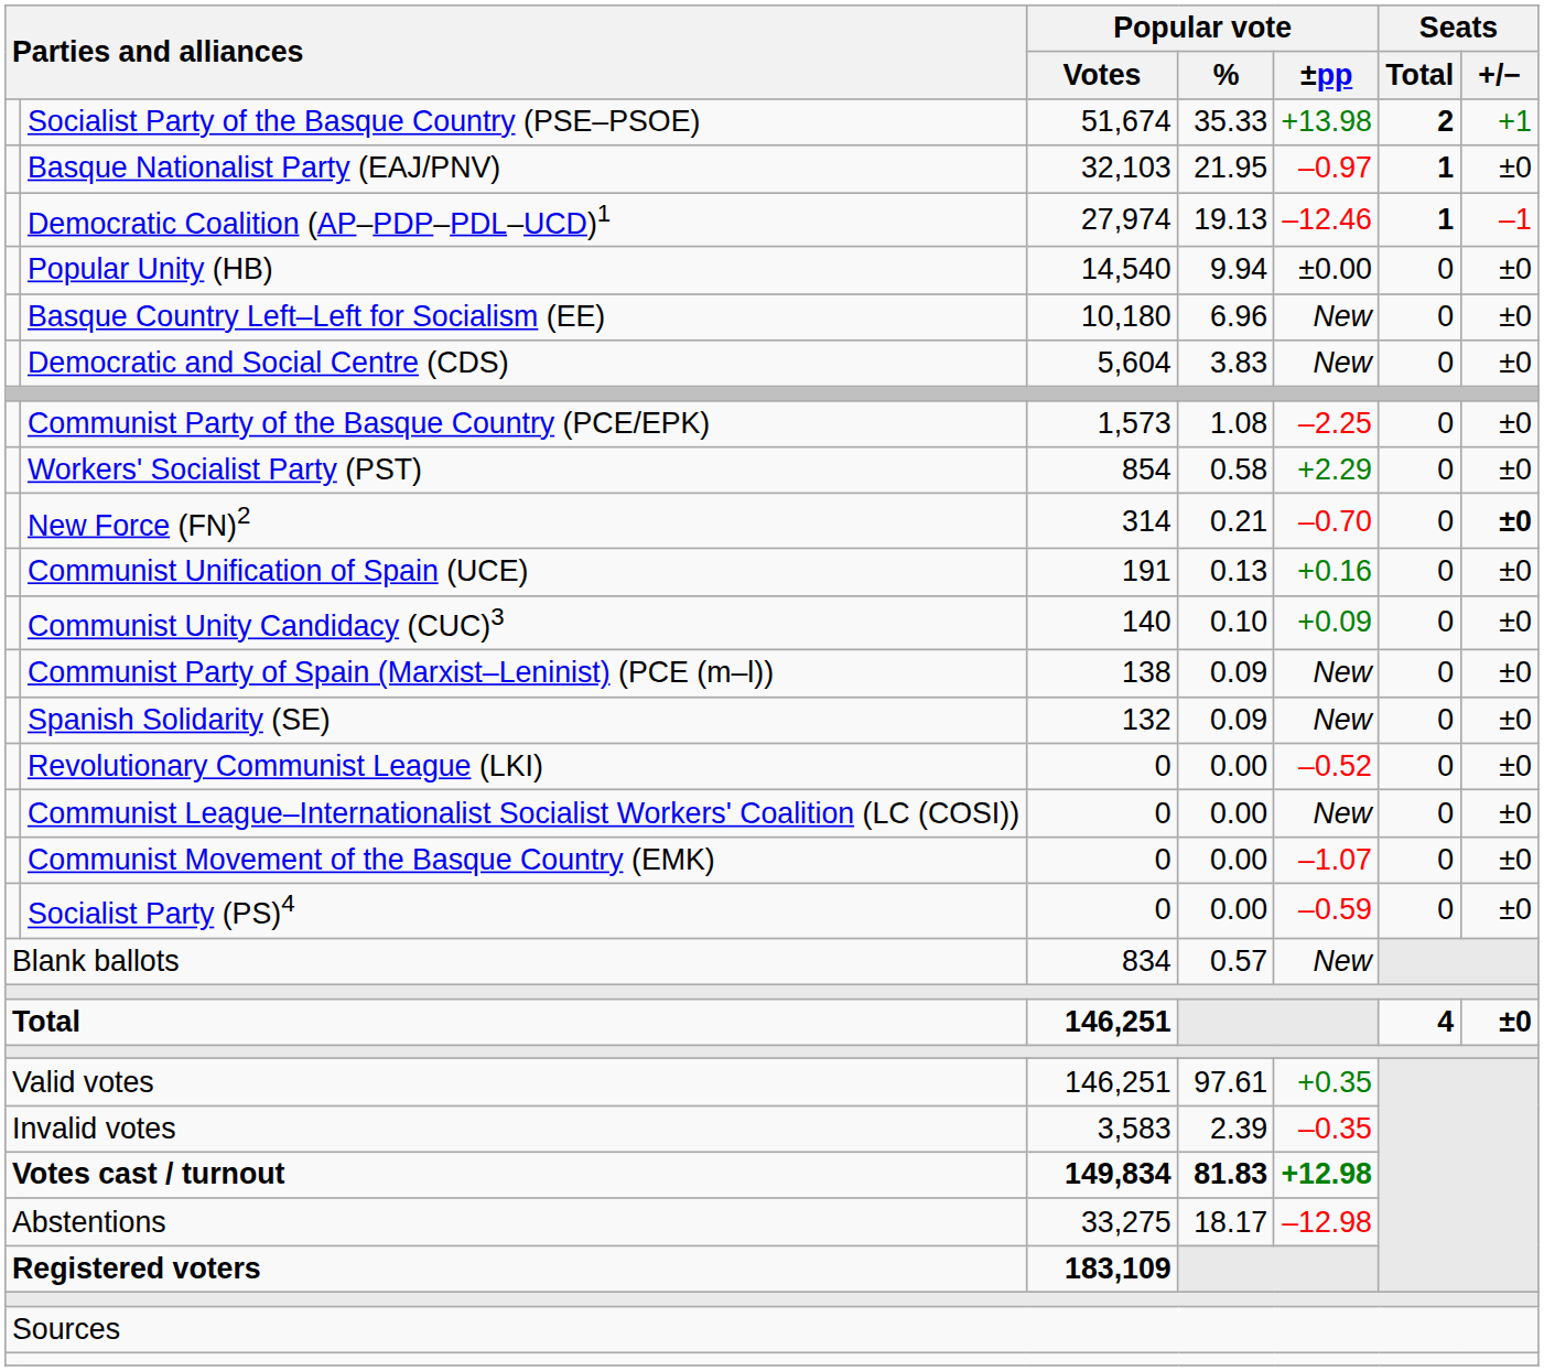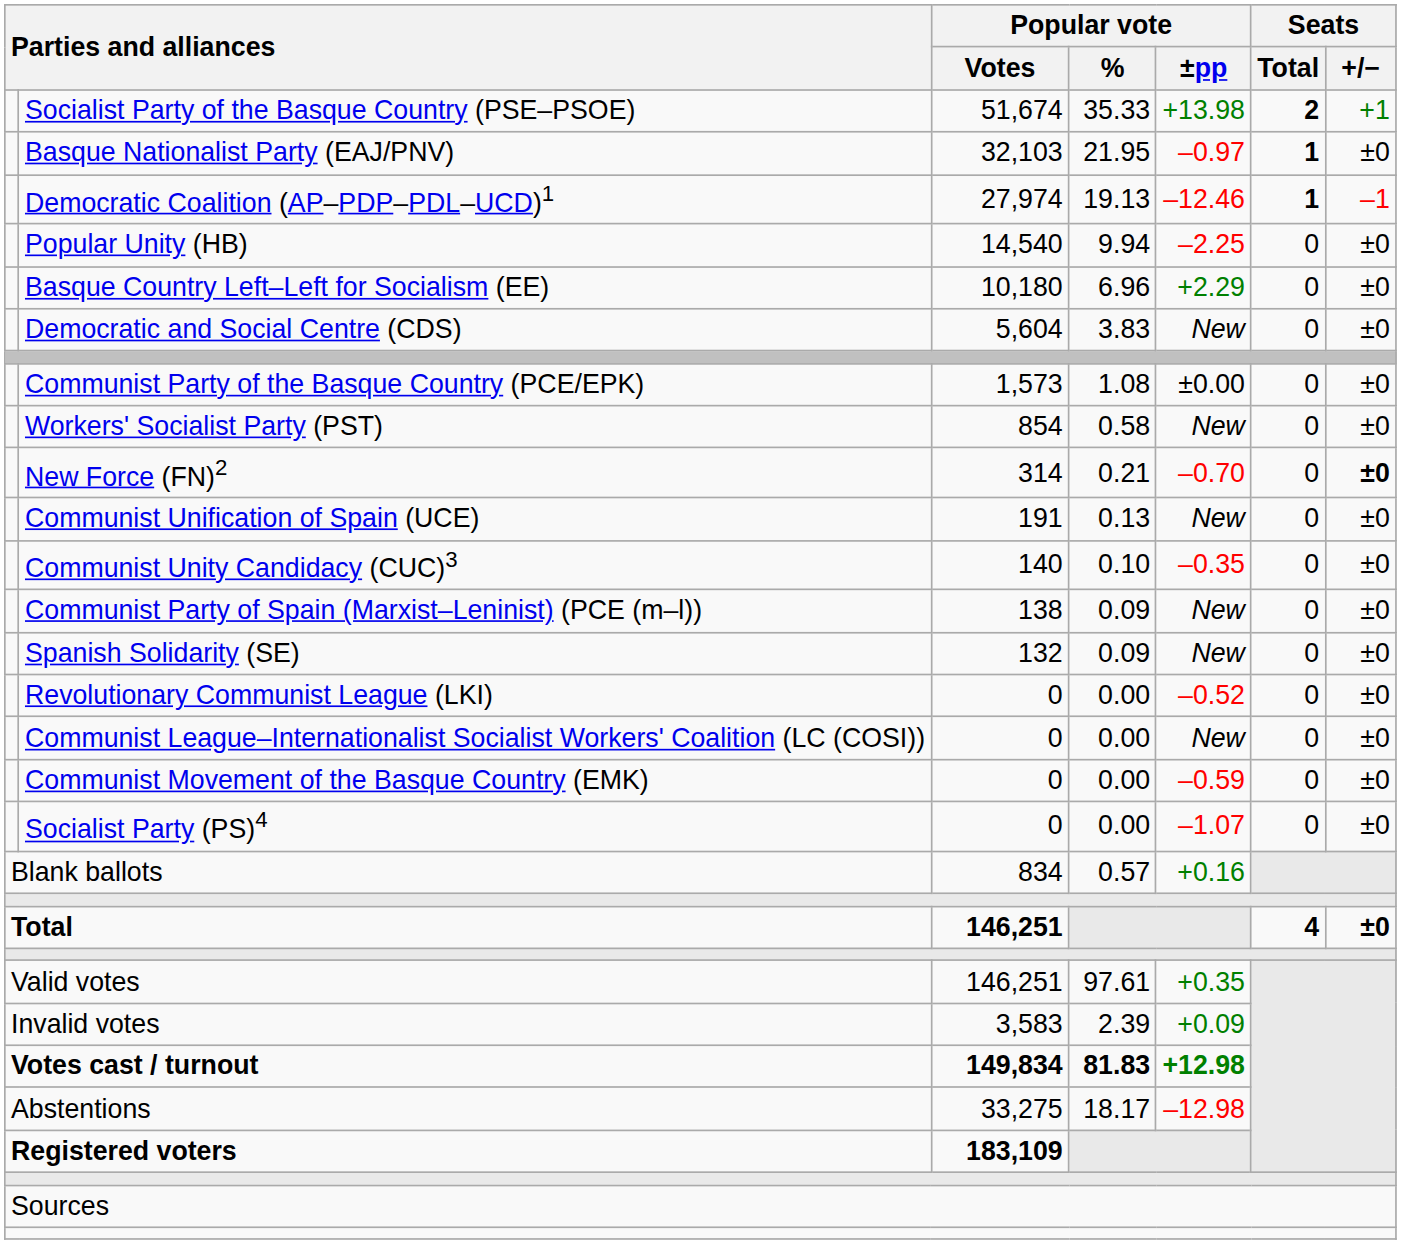 <table class="wikitable" style="text-align:right;">
 <tr>
 <th style="text-align:left;" rowspan="2" colspan="2" width="525">Parties and alliances</th>
 <th colspan="3">Popular vote</th>
 <th colspan="2">Seats</th>
 </tr>
 <tr>
 <th width="75">Votes</th>
 <th width="45">%</th>
 <th width="45">±<a href='#'>pp</a></th>
 <th width="35">Total</th>
 <th width="35">+/−</th>
 </tr>
 <tr>
 <td width="1" style="color:inherit;background:"></td>
 <td align="left"><a href='#'>Socialist Party of the Basque Country</a> (PSE–PSOE)</td>
 <td>51,674</td>
 <td>35.33</td>
 <td style="color:green;">+13.98</td>
 <td><strong>2</strong></td>
 <td style="color:green;">+1</td>
 </tr>
 <tr>
 <td style="color:inherit;background:"></td>
 <td align="left"><a href='#'>Basque Nationalist Party</a> (EAJ/PNV)</td>
 <td>32,103</td>
 <td>21.95</td>
 <td style="color:red;">–0.97</td>
 <td><strong>1</strong></td>
 <td>±0</td>
 </tr>
 <tr>
 <td style="color:inherit;background:"></td>
 <td align="left"><a href='#'>Democratic Coalition</a> (<a href='#'>AP</a>–<a href='#'>PDP</a>–<a href='#'>PDL</a>–<a href='#'>UCD</a>)<sup>1</sup></td>
 <td>27,974</td>
 <td>19.13</td>
 <td style="color:red;">–12.46</td>
 <td><strong>1</strong></td>
 <td style="color:red;">–1</td>
 </tr>
 <tr>
 <td style="color:inherit;background:"></td>
 <td align="left"><a href='#'>Popular Unity</a> (HB)</td>
 <td>14,540</td>
 <td>9.94</td>
-<td>±0.00</td>
+<td style="color:red;">–2.25</td>
 <td>0</td>
 <td>±0</td>
 </tr>
 <tr>
 <td style="color:inherit;background:"></td>
 <td align="left"><a href='#'>Basque Country Left–Left for Socialism</a> (EE)</td>
 <td>10,180</td>
 <td>6.96</td>
-<td><em>New</em></td>
+<td style="color:green;">+2.29</td>
 <td>0</td>
 <td>±0</td>
 </tr>
 <tr>
 <td style="color:inherit;background:"></td>
 <td align="left"><a href='#'>Democratic and Social Centre</a> (CDS)</td>
 <td>5,604</td>
 <td>3.83</td>
 <td><em>New</em></td>
 <td>0</td>
 <td>±0</td>
 </tr>
 <tr>
 <td colspan="7" bgcolor="#C0C0C0"></td>
 </tr>
 <tr>
 <td style="color:inherit;background:"></td>
 <td align="left"><a href='#'>Communist Party of the Basque Country</a> (PCE/EPK)</td>
 <td>1,573</td>
 <td>1.08</td>
-<td style="color:red;">–2.25</td>
+<td>±0.00</td>
 <td>0</td>
 <td>±0</td>
 </tr>
 <tr>
 <td style="color:inherit;background:"></td>
 <td align="left"><a href='#'>Workers' Socialist Party</a> (PST)</td>
 <td>854</td>
 <td>0.58</td>
-<td style="color:green;">+2.29</td>
+<td><em>New</em></td>
 <td>0</td>
 <td>±0</td>
 </tr>
 <tr>
 <td style="color:inherit;background:"></td>
 <td align="left"><a href='#'>New Force</a> (FN)<sup>2</sup></td>
 <td>314</td>
 <td>0.21</td>
 <td style="color:red;">–0.70</td>
 <td>0</td>
 <td><strong>±0</strong></td>
 </tr>
 <tr>
 <td style="color:inherit;background:"></td>
 <td align="left"><a href='#'>Communist Unification of Spain</a> (UCE)</td>
 <td>191</td>
 <td>0.13</td>
-<td style="color:green;">+0.16</td>
+<td><em>New</em></td>
 <td>0</td>
 <td>±0</td>
 </tr>
 <tr>
 <td style="color:inherit;background:"></td>
 <td align="left"><a href='#'>Communist Unity Candidacy</a> (CUC)<sup>3</sup></td>
 <td>140</td>
 <td>0.10</td>
-<td style="color:green;">+0.09</td>
+<td style="color:red;">–0.35</td>
 <td>0</td>
 <td>±0</td>
 </tr>
 <tr>
 <td style="color:inherit;background:"></td>
 <td align="left"><a href='#'>Communist Party of Spain (Marxist–Leninist)</a> (PCE (m–l))</td>
 <td>138</td>
 <td>0.09</td>
 <td><em>New</em></td>
 <td>0</td>
 <td>±0</td>
 </tr>
 <tr>
 <td style="color:inherit;background:"></td>
 <td align="left"><a href='#'>Spanish Solidarity</a> (SE)</td>
 <td>132</td>
 <td>0.09</td>
 <td><em>New</em></td>
 <td>0</td>
 <td>±0</td>
 </tr>
 <tr>
 <td style="color:inherit;background:"></td>
 <td align="left"><a href='#'>Revolutionary Communist League</a> (LKI)</td>
 <td>0</td>
 <td>0.00</td>
 <td style="color:red;">–0.52</td>
 <td>0</td>
 <td>±0</td>
 </tr>
 <tr>
 <td style="color:inherit;background:"></td>
 <td align="left"><a href='#'>Communist League–Internationalist Socialist Workers' Coalition</a> (LC (COSI))</td>
 <td>0</td>
 <td>0.00</td>
 <td><em>New</em></td>
 <td>0</td>
 <td>±0</td>
 </tr>
 <tr>
 <td style="color:inherit;background:"></td>
 <td align="left"><a href='#'>Communist Movement of the Basque Country</a> (EMK)</td>
 <td>0</td>
 <td>0.00</td>
-<td style="color:red;">–1.07</td>
+<td style="color:red;">–0.59</td>
 <td>0</td>
 <td>±0</td>
 </tr>
 <tr>
 <td style="color:inherit;background:"></td>
 <td align="left"><a href='#'>Socialist Party</a> (PS)<sup>4</sup></td>
 <td>0</td>
 <td>0.00</td>
-<td style="color:red;">–0.59</td>
+<td style="color:red;">–1.07</td>
 <td>0</td>
 <td>±0</td>
 </tr>
 <tr>
 <td align="left" colspan="2">Blank ballots</td>
 <td>834</td>
 <td>0.57</td>
-<td><em>New</em></td>
+<td style="color:green;">+0.16</td>
 <td bgcolor="#E9E9E9" colspan="2"></td>
 </tr>
 <tr>
 <td colspan="7" bgcolor="#E9E9E9"></td>
 </tr>
 <tr style="font-weight:bold;">
 <td align="left" colspan="2">Total</td>
 <td>146,251</td>
 <td bgcolor="#E9E9E9" colspan="2"></td>
 <td>4</td>
 <td>±0</td>
 </tr>
 <tr>
 <td colspan="7" bgcolor="#E9E9E9"></td>
 </tr>
 <tr>
 <td align="left" colspan="2">Valid votes</td>
 <td>146,251</td>
 <td>97.61</td>
 <td style="color:green;">+0.35</td>
 <td bgcolor="#E9E9E9" colspan="2" rowspan="5"></td>
 </tr>
 <tr>
 <td align="left" colspan="2">Invalid votes</td>
 <td>3,583</td>
 <td>2.39</td>
-<td style="color:red;">–0.35</td>
+<td style="color:green;">+0.09</td>
 </tr>
 <tr style="font-weight:bold;">
 <td align="left" colspan="2">Votes cast / turnout</td>
 <td>149,834</td>
 <td>81.83</td>
 <td style="color:green;">+12.98</td>
 </tr>
 <tr>
 <td align="left" colspan="2">Abstentions</td>
 <td>33,275</td>
 <td>18.17</td>
 <td style="color:red;">–12.98</td>
 </tr>
 <tr style="font-weight:bold;">
 <td align="left" colspan="2">Registered voters</td>
 <td>183,109</td>
 <td bgcolor="#E9E9E9" colspan="2"></td>
 </tr>
 <tr>
 <td colspan="7" bgcolor="#E9E9E9"></td>
 </tr>
 <tr>
 <td align="left" colspan="7">Sources</td>
 </tr>
 <tr>
 <td colspan="7" style="text-align:left; max-width:790px;"></td>
 </tr>
 </table>
